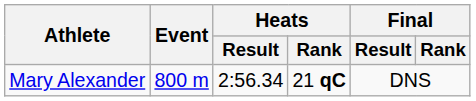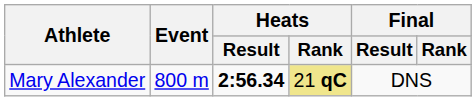 <table class="wikitable" style="font-size:90%">
 <tr>
 <th rowspan=2>Athlete</th>
 <th rowspan=2>Event</th>
 <th colspan=2>Heats</th>
 <th colspan=2>Final</th>
 </tr>
 <tr style="font-size:95%">
 <th>Result</th>
 <th>Rank</th>
 <th>Result</th>
 <th>Rank</th>
 </tr>
 <tr align=center>
 <td align=left><a href='#'>Mary Alexander</a></td>
 <td align=left><a href='#'>800 m</a></td>
-<td>2:56.34</td>
-<td>21 <strong>qC</strong></td>
+<td><strong>2:56.34</strong></td>
+<td style="background: khaki;">21 <strong>qC</strong></td>
 <td colspan=2>DNS</td>
 </tr>
 </table>
